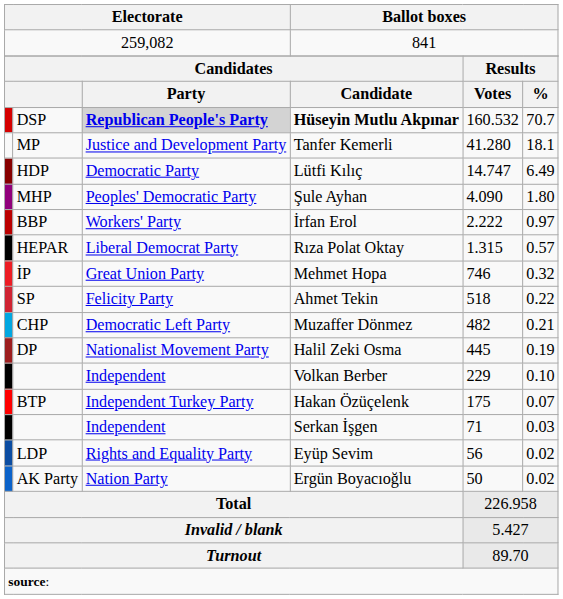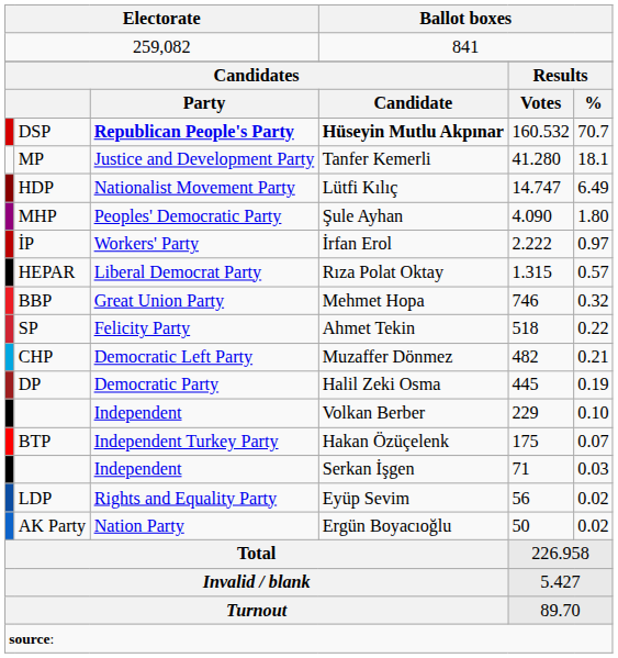 <table class="wikitable">
 <tr style="background-color:#F2F2F2">
 <td align="center" colspan="3"><strong>Electorate</strong></td>
 <td align="center" colspan="7"><strong>Ballot boxes</strong></td>
 </tr>
 <tr align="left">
 <td align="center" colspan="3">259,082</td>
 <td align="center" colspan="7">841</td>
 </tr>
 <tr>
 </tr>
 <tr style="background-color:#E9E9E9">
 </tr>
 <tr>
 <th align="center" colspan="4">Candidates</th>
 <th align="center" colspan="6">Results</th>
 </tr>
 <tr style="background-color:#E9E9E9">
 <th align="center" colspan="2"></th>
 <th align="center">Party</th>
 <th align="center">Candidate</th>
 <th align="center">Votes</th>
 <th align="center">%</th>
 </tr>
 <tr align="left">
 <td bgcolor="#d50000" width=1></td>
 <td>DSP</td>
-<td style="background: lightgrey;"><strong><a href='#'>Republican People's Party</a></strong></td>
+<td><strong><a href='#'>Republican People's Party</a></strong></td>
 <td><strong>Hüseyin Mutlu Akpınar</strong></td>
 <td>160.532</td>
 <td>70.7</td>
 </tr>
 <tr align="left">
 <td></td>
 <td>MP</td>
 <td><a href='#'>Justice and Development Party</a></td>
 <td>Tanfer Kemerli</td>
 <td>41.280</td>
 <td>18.1</td>
 </tr>
 <tr align="left">
 <td bgcolor="#870000" width=1></td>
 <td>HDP</td>
-<td><a href='#'>Democratic Party</a></td>
+<td><a href='#'>Nationalist Movement Party</a></td>
 <td>Lütfi Kılıç</td>
 <td>14.747</td>
 <td>6.49</td>
 </tr>
 <tr align="left">
 <td bgcolor="#91007B" width=1></td>
 <td>MHP</td>
 <td><a href='#'>Peoples' Democratic Party</a></td>
 <td>Şule Ayhan</td>
 <td>4.090</td>
 <td>1.80</td>
 </tr>
 <tr align="left">
 <td bgcolor="#BB0000" width=1></td>
-<td>BBP</td>
+<td>İP</td>
 <td><a href='#'>Workers' Party</a></td>
 <td>İrfan Erol</td>
 <td>2.222</td>
 <td>0.97</td>
 </tr>
 <tr align="left">
 <td bgcolor="#000000" width=1></td>
 <td>HEPAR</td>
 <td><a href='#'>Liberal Democrat Party</a></td>
 <td>Rıza Polat Oktay</td>
 <td>1.315</td>
 <td>0.57</td>
 </tr>
 <tr align="left">
 <td bgcolor="#ED1C24" width=1></td>
-<td>İP</td>
+<td>BBP</td>
 <td><a href='#'>Great Union Party</a></td>
 <td>Mehmet Hopa</td>
 <td>746</td>
 <td>0.32</td>
 </tr>
 <tr align="left">
 <td bgcolor="#D02433" width=1></td>
 <td>SP</td>
 <td><a href='#'>Felicity Party</a></td>
 <td>Ahmet Tekin</td>
 <td>518</td>
 <td>0.22</td>
 </tr>
 <tr align="left">
 <td bgcolor="#01A7E1" width=1></td>
 <td>CHP</td>
 <td><a href='#'>Democratic Left Party</a></td>
 <td>Muzaffer Dönmez</td>
 <td>482</td>
 <td>0.21</td>
 </tr>
 <tr align="left">
 <td bgcolor="#9D1D1E" width=1></td>
 <td>DP</td>
-<td><a href='#'>Nationalist Movement Party</a></td>
+<td><a href='#'>Democratic Party</a></td>
 <td>Halil Zeki Osma</td>
 <td>445</td>
 <td>0.19</td>
 </tr>
 <tr align="left">
 <td bgcolor=" " width=1></td>
 <td></td>
 <td><a href='#'>Independent</a></td>
 <td>Volkan Berber</td>
 <td>229</td>
 <td>0.10</td>
 </tr>
 <tr align="left">
 <td bgcolor="#FE0000" width=1></td>
 <td>BTP</td>
 <td><a href='#'>Independent Turkey Party</a></td>
 <td>Hakan Özüçelenk</td>
 <td>175</td>
 <td>0.07</td>
 </tr>
 <tr align="left">
 <td bgcolor=" " width=1></td>
 <td></td>
 <td><a href='#'>Independent</a></td>
 <td>Serkan İşgen</td>
 <td>71</td>
 <td>0.03</td>
 </tr>
 <tr align="left">
 <td bgcolor="#0C4DA2" width=1></td>
 <td>LDP</td>
 <td><a href='#'>Rights and Equality Party</a></td>
 <td>Eyüp Sevim</td>
 <td>56</td>
 <td>0.02</td>
 </tr>
 <tr align="left">
 <td bgcolor="#0C63CA" width=1></td>
 <td>AK Party</td>
 <td><a href='#'>Nation Party</a></td>
 <td>Ergün Boyacıoğlu</td>
 <td>50</td>
 <td>0.02</td>
 </tr>
 <tr style="background-color:#E9E9E9" align="left">
 <th align="center" colspan="4"><strong>Total</strong></th>
 <td align="center" colspan="5">226.958</td>
 </tr>
 <tr style="background-color:#E9E9E9" align="left">
 <th align="center" colspan="4"><em>Invalid / blank</em></th>
 <td align="center" colspan="5">5.427</td>
 </tr>
 <tr style="background-color:#E9E9E9" align="left">
 <th align="center" colspan="4"><em>Turnout</em></th>
 <td align="center" colspan="5">89.70</td>
 </tr>
 <tr>
 <td align="left" colspan=10><small><strong>source</strong>: </small></td>
 </tr>
 </table>
